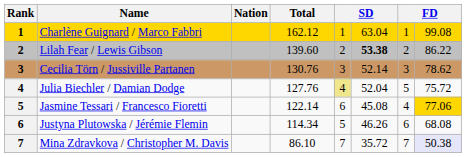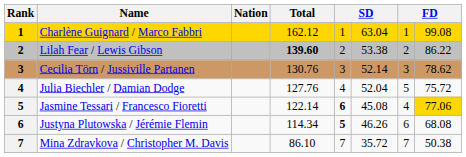 <table class="wikitable sortable">
 <tr>
 <th>Rank</th>
 <th>Name</th>
 <th>Nation</th>
 <th width="80px">Total</th>
 <th colspan="2" width="80px"><a href='#'>SD</a></th>
 <th colspan="2" width="80px"><a href='#'>FD</a></th>
 </tr>
 <tr bgcolor="gold">
 <td align="center"><strong>1</strong></td>
 <td><a href='#'>Charlène Guignard</a> / <a href='#'>Marco Fabbri</a></td>
 <td></td>
 <td align="center">162.12</td>
 <td align="center">1</td>
 <td align="center">63.04</td>
 <td align="center">1</td>
 <td align="center">99.08</td>
 </tr>
 <tr bgcolor="silver">
 <td align="center"><strong>2</strong></td>
 <td><a href='#'>Lilah Fear</a> / <a href='#'>Lewis Gibson</a></td>
 <td></td>
-<td align="center">139.60</td>
+<td align="center"><strong>139.60</strong></td>
 <td align="center">2</td>
-<td align="center"><strong>53.38</strong></td>
+<td align="center">53.38</td>
 <td align="center">2</td>
 <td align="center">86.22</td>
 </tr>
 <tr bgcolor="cc9966">
 <td align="center"><strong>3</strong></td>
 <td><a href='#'>Cecilia Törn</a> / <a href='#'>Jussiville Partanen</a></td>
 <td></td>
 <td align="center">130.76</td>
 <td align="center">3</td>
 <td align="center">52.14</td>
 <td align="center">3</td>
 <td align="center">78.62</td>
 </tr>
 <tr>
 <th>4</th>
 <td><a href='#'>Julia Biechler</a> / <a href='#'>Damian Dodge</a></td>
 <td></td>
 <td align="center">127.76</td>
-<td align="center" style="background: khaki;">4</td>
+<td align="center">4</td>
 <td align="center">52.04</td>
 <td align="center">5</td>
 <td align="center">75.72</td>
 </tr>
 <tr>
 <th>5</th>
 <td><a href='#'>Jasmine Tessari</a> / <a href='#'>Francesco Fioretti</a></td>
 <td></td>
 <td align="center">122.14</td>
-<td align="center">6</td>
+<td align="center"><strong>6</strong></td>
 <td align="center">45.08</td>
 <td align="center">4</td>
 <td align="center" style="background: gold;">77.06</td>
 </tr>
 <tr>
 <th>6</th>
 <td><a href='#'>Justyna Plutowska</a> / <a href='#'>Jérémie Flemin</a></td>
 <td></td>
 <td align="center">114.34</td>
-<td align="center">5</td>
+<td align="center"><strong>5</strong></td>
 <td align="center">46.26</td>
 <td align="center">6</td>
 <td align="center">68.08</td>
 </tr>
 <tr>
 <th>7</th>
 <td><a href='#'>Mina Zdravkova</a> / <a href='#'>Christopher M. Davis</a></td>
 <td></td>
 <td align="center">86.10</td>
 <td align="center">7</td>
 <td align="center">35.72</td>
 <td align="center">7</td>
-<td align="center" style="background: lavender;">50.38</td>
+<td align="center">50.38</td>
 </tr>
 </table>
